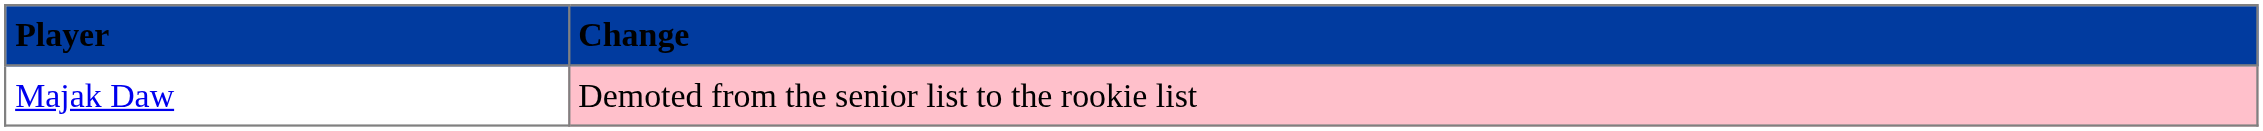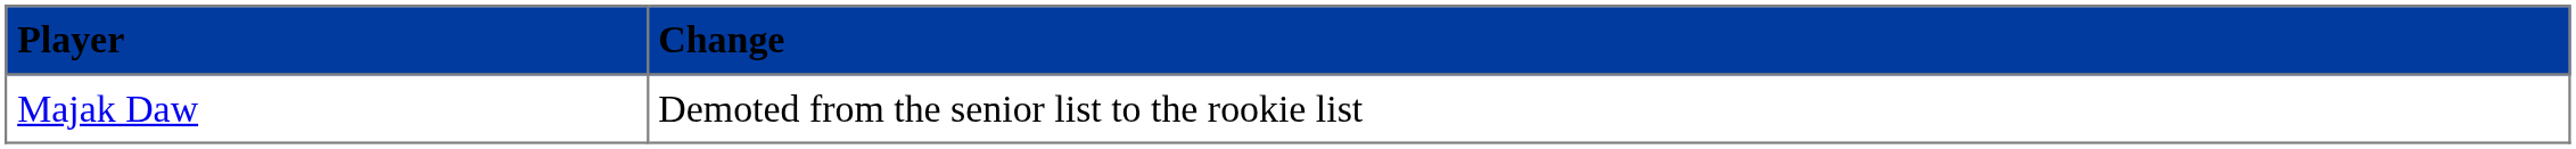 <table border="1" cellpadding="4" cellspacing="0"  style="text-align:left; font-size:95%; border-collapse:collapse; width:80%;">
 <tr style="background:#013B9F;">
 <th style="width:25%;"><span>Player</span></th>
 <th><span>Change</span></th>
 </tr>
 <tr>
 <td> <a href='#'>Majak Daw</a></td>
-<td style="background: pink;">Demoted from the senior list to the rookie list</td>
+<td>Demoted from the senior list to the rookie list</td>
 </tr>
 </table>
